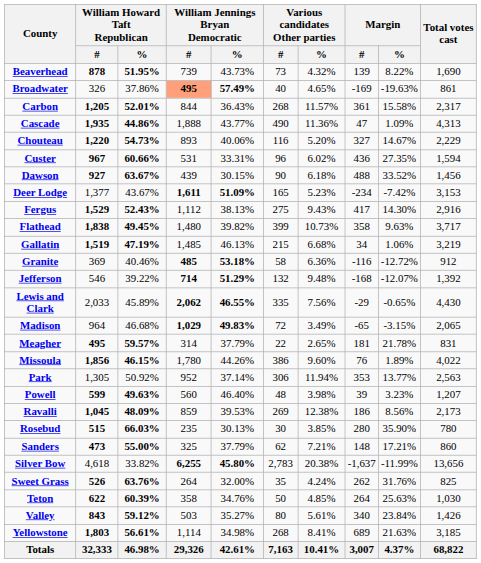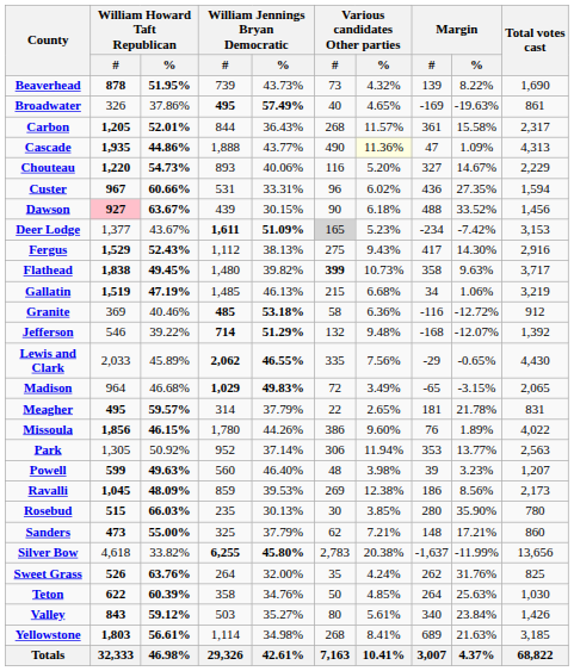 <table width="55%"  class="wikitable sortable" style="text-align:center">
 <tr>
 <th colspan="1" rowspan="2">County</th>
 <th style="text-align:center;" colspan="2">William Howard Taft<br>Republican</th>
 <th style="text-align:center;" colspan="2">William Jennings Bryan<br>Democratic</th>
 <th style="text-align:center;" colspan="2">Various candidates<br>Other parties</th>
 <th style="text-align:center;" colspan="2">Margin</th>
 <th colspan="1" rowspan="2" style="text-align:center;">Total votes cast</th>
 </tr>
 <tr>
 <th style="text-align:center;" data-sort-type="number">#</th>
 <th style="text-align:center;" data-sort-type="number">%</th>
 <th style="text-align:center;" data-sort-type="number">#</th>
 <th style="text-align:center;" data-sort-type="number">%</th>
 <th style="text-align:center;" data-sort-type="number">#</th>
 <th style="text-align:center;" data-sort-type="number">%</th>
 <th style="text-align:center;" data-sort-type="number">#</th>
 <th style="text-align:center;" data-sort-type="number">%</th>
 </tr>
 <tr style="text-align:center;">
 <td><strong><a href='#'>Beaverhead</a></strong></td>
 <td><strong>878</strong></td>
 <td><strong>51.95%</strong></td>
 <td>739</td>
 <td>43.73%</td>
 <td>73</td>
 <td>4.32%</td>
 <td>139</td>
 <td>8.22%</td>
 <td>1,690</td>
 </tr>
 <tr style="text-align:center;">
 <td><strong><a href='#'>Broadwater</a></strong></td>
 <td>326</td>
 <td>37.86%</td>
-<td style="background: lightsalmon;"><strong>495</strong></td>
+<td><strong>495</strong></td>
 <td><strong>57.49%</strong></td>
 <td>40</td>
 <td>4.65%</td>
 <td>-169</td>
 <td>-19.63%</td>
 <td>861</td>
 </tr>
 <tr style="text-align:center;">
 <td><strong><a href='#'>Carbon</a></strong></td>
 <td><strong>1,205</strong></td>
 <td><strong>52.01%</strong></td>
 <td>844</td>
 <td>36.43%</td>
 <td>268</td>
 <td>11.57%</td>
 <td>361</td>
 <td>15.58%</td>
 <td>2,317</td>
 </tr>
 <tr style="text-align:center;">
 <td><strong><a href='#'>Cascade</a></strong></td>
 <td><strong>1,935</strong></td>
 <td><strong>44.86%</strong></td>
 <td>1,888</td>
 <td>43.77%</td>
 <td>490</td>
-<td>11.36%</td>
+<td style="background: lightyellow;">11.36%</td>
 <td>47</td>
 <td>1.09%</td>
 <td>4,313</td>
 </tr>
 <tr style="text-align:center;">
 <td><strong><a href='#'>Chouteau</a></strong></td>
 <td><strong>1,220</strong></td>
 <td><strong>54.73%</strong></td>
 <td>893</td>
 <td>40.06%</td>
 <td>116</td>
 <td>5.20%</td>
 <td>327</td>
 <td>14.67%</td>
 <td>2,229</td>
 </tr>
 <tr style="text-align:center;">
 <td><strong><a href='#'>Custer</a></strong></td>
 <td><strong>967</strong></td>
 <td><strong>60.66%</strong></td>
 <td>531</td>
 <td>33.31%</td>
 <td>96</td>
 <td>6.02%</td>
 <td>436</td>
 <td>27.35%</td>
 <td>1,594</td>
 </tr>
 <tr style="text-align:center;">
 <td><strong><a href='#'>Dawson</a></strong></td>
-<td><strong>927</strong></td>
+<td style="background: pink;"><strong>927</strong></td>
 <td><strong>63.67%</strong></td>
 <td>439</td>
 <td>30.15%</td>
 <td>90</td>
 <td>6.18%</td>
 <td>488</td>
 <td>33.52%</td>
 <td>1,456</td>
 </tr>
 <tr style="text-align:center;">
 <td><strong><a href='#'>Deer Lodge</a></strong></td>
 <td>1,377</td>
 <td>43.67%</td>
 <td><strong>1,611</strong></td>
 <td><strong>51.09%</strong></td>
-<td>165</td>
+<td style="background: lightgrey;">165</td>
 <td>5.23%</td>
 <td>-234</td>
 <td>-7.42%</td>
 <td>3,153</td>
 </tr>
 <tr style="text-align:center;">
 <td><strong><a href='#'>Fergus</a></strong></td>
 <td><strong>1,529</strong></td>
 <td><strong>52.43%</strong></td>
 <td>1,112</td>
 <td>38.13%</td>
 <td>275</td>
 <td>9.43%</td>
 <td>417</td>
 <td>14.30%</td>
 <td>2,916</td>
 </tr>
 <tr style="text-align:center;">
 <td><strong><a href='#'>Flathead</a></strong></td>
 <td><strong>1,838</strong></td>
 <td><strong>49.45%</strong></td>
 <td>1,480</td>
 <td>39.82%</td>
-<td>399</td>
+<td><strong>399</strong></td>
 <td>10.73%</td>
 <td>358</td>
 <td>9.63%</td>
 <td>3,717</td>
 </tr>
 <tr style="text-align:center;">
 <td><strong><a href='#'>Gallatin</a></strong></td>
 <td><strong>1,519</strong></td>
 <td><strong>47.19%</strong></td>
 <td>1,485</td>
 <td>46.13%</td>
 <td>215</td>
 <td>6.68%</td>
 <td>34</td>
 <td>1.06%</td>
 <td>3,219</td>
 </tr>
 <tr style="text-align:center;">
 <td><strong><a href='#'>Granite</a></strong></td>
 <td>369</td>
 <td>40.46%</td>
 <td><strong>485</strong></td>
 <td><strong>53.18%</strong></td>
 <td>58</td>
 <td>6.36%</td>
 <td>-116</td>
 <td>-12.72%</td>
 <td>912</td>
 </tr>
 <tr style="text-align:center;">
 <td><strong><a href='#'>Jefferson</a></strong></td>
 <td>546</td>
 <td>39.22%</td>
 <td><strong>714</strong></td>
 <td><strong>51.29%</strong></td>
 <td>132</td>
 <td>9.48%</td>
 <td>-168</td>
 <td>-12.07%</td>
 <td>1,392</td>
 </tr>
 <tr style="text-align:center;">
 <td><strong><a href='#'>Lewis and Clark</a></strong></td>
 <td>2,033</td>
 <td>45.89%</td>
 <td><strong>2,062</strong></td>
 <td><strong>46.55%</strong></td>
 <td>335</td>
 <td>7.56%</td>
 <td>-29</td>
 <td>-0.65%</td>
 <td>4,430</td>
 </tr>
 <tr style="text-align:center;">
 <td><strong><a href='#'>Madison</a></strong></td>
 <td>964</td>
 <td>46.68%</td>
 <td><strong>1,029</strong></td>
 <td><strong>49.83%</strong></td>
 <td>72</td>
 <td>3.49%</td>
 <td>-65</td>
 <td>-3.15%</td>
 <td>2,065</td>
 </tr>
 <tr style="text-align:center;">
 <td><strong><a href='#'>Meagher</a></strong></td>
 <td><strong>495</strong></td>
 <td><strong>59.57%</strong></td>
 <td>314</td>
 <td>37.79%</td>
 <td>22</td>
 <td>2.65%</td>
 <td>181</td>
 <td>21.78%</td>
 <td>831</td>
 </tr>
 <tr style="text-align:center;">
 <td><strong><a href='#'>Missoula</a></strong></td>
 <td><strong>1,856</strong></td>
 <td><strong>46.15%</strong></td>
 <td>1,780</td>
 <td>44.26%</td>
 <td>386</td>
 <td>9.60%</td>
 <td>76</td>
 <td>1.89%</td>
 <td>4,022</td>
 </tr>
 <tr style="text-align:center;">
 <td><strong><a href='#'>Park</a></strong></td>
 <td>1,305</td>
 <td>50.92%</td>
 <td>952</td>
 <td>37.14%</td>
 <td>306</td>
 <td>11.94%</td>
 <td>353</td>
 <td>13.77%</td>
 <td>2,563</td>
 </tr>
 <tr style="text-align:center;">
 <td><strong><a href='#'>Powell</a></strong></td>
 <td><strong>599</strong></td>
 <td><strong>49.63%</strong></td>
 <td>560</td>
 <td>46.40%</td>
 <td>48</td>
 <td>3.98%</td>
 <td>39</td>
 <td>3.23%</td>
 <td>1,207</td>
 </tr>
 <tr style="text-align:center;">
 <td><strong><a href='#'>Ravalli</a></strong></td>
 <td><strong>1,045</strong></td>
 <td><strong>48.09%</strong></td>
 <td>859</td>
 <td>39.53%</td>
 <td>269</td>
 <td>12.38%</td>
 <td>186</td>
 <td>8.56%</td>
 <td>2,173</td>
 </tr>
 <tr style="text-align:center;">
 <td><strong><a href='#'>Rosebud</a></strong></td>
 <td><strong>515</strong></td>
 <td><strong>66.03%</strong></td>
 <td>235</td>
 <td>30.13%</td>
 <td>30</td>
 <td>3.85%</td>
 <td>280</td>
 <td>35.90%</td>
 <td>780</td>
 </tr>
 <tr style="text-align:center;">
 <td><strong><a href='#'>Sanders</a></strong></td>
 <td><strong>473</strong></td>
 <td><strong>55.00%</strong></td>
 <td>325</td>
 <td>37.79%</td>
 <td>62</td>
 <td>7.21%</td>
 <td>148</td>
 <td>17.21%</td>
 <td>860</td>
 </tr>
 <tr style="text-align:center;">
 <td><strong><a href='#'>Silver Bow</a></strong></td>
 <td>4,618</td>
 <td>33.82%</td>
 <td><strong>6,255</strong></td>
 <td><strong>45.80%</strong></td>
 <td>2,783</td>
 <td>20.38%</td>
 <td>-1,637</td>
 <td>-11.99%</td>
 <td>13,656</td>
 </tr>
 <tr style="text-align:center;">
 <td><strong><a href='#'>Sweet Grass</a></strong></td>
 <td><strong>526</strong></td>
 <td><strong>63.76%</strong></td>
 <td>264</td>
 <td>32.00%</td>
 <td>35</td>
 <td>4.24%</td>
 <td>262</td>
 <td>31.76%</td>
 <td>825</td>
 </tr>
 <tr style="text-align:center;">
 <td><strong><a href='#'>Teton</a></strong></td>
 <td><strong>622</strong></td>
 <td><strong>60.39%</strong></td>
 <td>358</td>
 <td>34.76%</td>
 <td>50</td>
 <td>4.85%</td>
 <td>264</td>
 <td>25.63%</td>
 <td>1,030</td>
 </tr>
 <tr style="text-align:center;">
 <td><strong><a href='#'>Valley</a></strong></td>
 <td><strong>843</strong></td>
 <td><strong>59.12%</strong></td>
 <td>503</td>
 <td>35.27%</td>
 <td>80</td>
 <td>5.61%</td>
 <td>340</td>
 <td>23.84%</td>
 <td>1,426</td>
 </tr>
 <tr style="text-align:center;">
 <td><strong><a href='#'>Yellowstone</a></strong></td>
 <td><strong>1,803</strong></td>
 <td><strong>56.61%</strong></td>
 <td>1,114</td>
 <td>34.98%</td>
 <td>268</td>
 <td>8.41%</td>
 <td>689</td>
 <td>21.63%</td>
 <td>3,185</td>
 </tr>
 <tr style="text-align:center;">
 <th>Totals</th>
 <th>32,333</th>
 <th>46.98%</th>
 <th>29,326</th>
 <th>42.61%</th>
 <th>7,163</th>
 <th>10.41%</th>
 <th>3,007</th>
 <th>4.37%</th>
 <th>68,822</th>
 </tr>
 </table>
